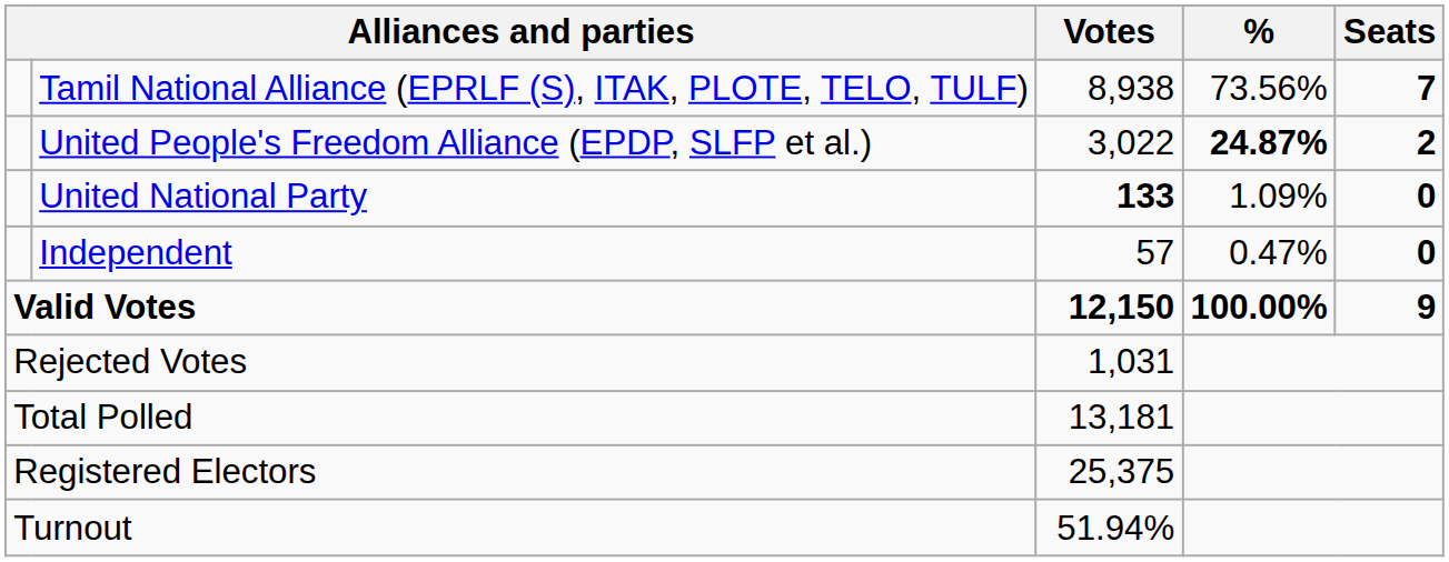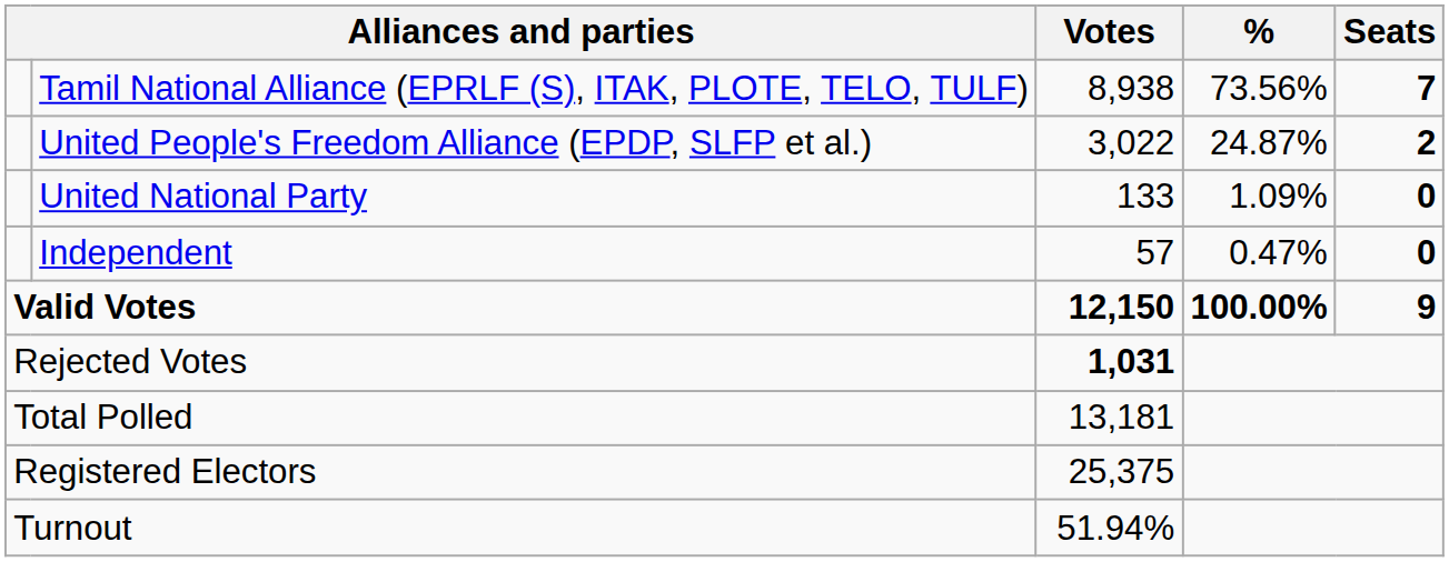 <table class="wikitable" border="1" style="text-align:right;">
 <tr>
 <th valign=bottom align=left colspan=2>Alliances and parties</th>
 <th valign=bottom align=center width="60">Votes</th>
 <th valign=bottom align=center width="50">%</th>
 <th valign=bottom align=center>Seats</th>
 </tr>
 <tr>
 <td bgcolor=> </td>
 <td align=left><a href='#'>Tamil National Alliance</a> (<a href='#'>EPRLF (S)</a>, <a href='#'>ITAK</a>, <a href='#'>PLOTE</a>, <a href='#'>TELO</a>, <a href='#'>TULF</a>)</td>
 <td>8,938</td>
 <td>73.56%</td>
 <td><strong>7</strong></td>
 </tr>
 <tr>
 <td bgcolor=> </td>
 <td align=left><a href='#'>United People's Freedom Alliance</a> (<a href='#'>EPDP</a>, <a href='#'>SLFP</a> et al.)</td>
 <td>3,022</td>
-<td><strong>24.87%</strong></td>
+<td>24.87%</td>
 <td><strong>2</strong></td>
 </tr>
 <tr>
 <td bgcolor=> </td>
 <td align=left><a href='#'>United National Party</a></td>
-<td><strong>133</strong></td>
+<td>133</td>
 <td>1.09%</td>
 <td><strong>0</strong></td>
 </tr>
 <tr>
 <td></td>
 <td align=left><a href='#'>Independent</a></td>
 <td>57</td>
 <td>0.47%</td>
 <td><strong>0</strong></td>
 </tr>
 <tr>
 <td colspan=2 align=left><strong>Valid Votes</strong></td>
 <td><strong>12,150</strong></td>
 <td><strong>100.00%</strong></td>
 <td><strong>9</strong></td>
 </tr>
 <tr>
 <td colspan=2 align=left>Rejected Votes</td>
-<td>1,031</td>
+<td><strong>1,031</strong></td>
 <td colspan=2></td>
 </tr>
 <tr>
 <td colspan=2 align=left>Total Polled</td>
 <td>13,181</td>
 <td colspan=2></td>
 </tr>
 <tr>
 <td colspan=2 align=left>Registered Electors</td>
 <td>25,375</td>
 <td colspan=2></td>
 </tr>
 <tr>
 <td colspan=2 align=left>Turnout</td>
 <td>51.94%</td>
 <td colspan=2></td>
 </tr>
 </table>
